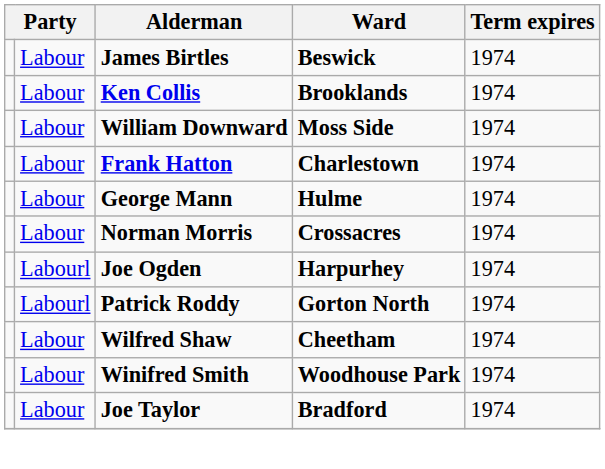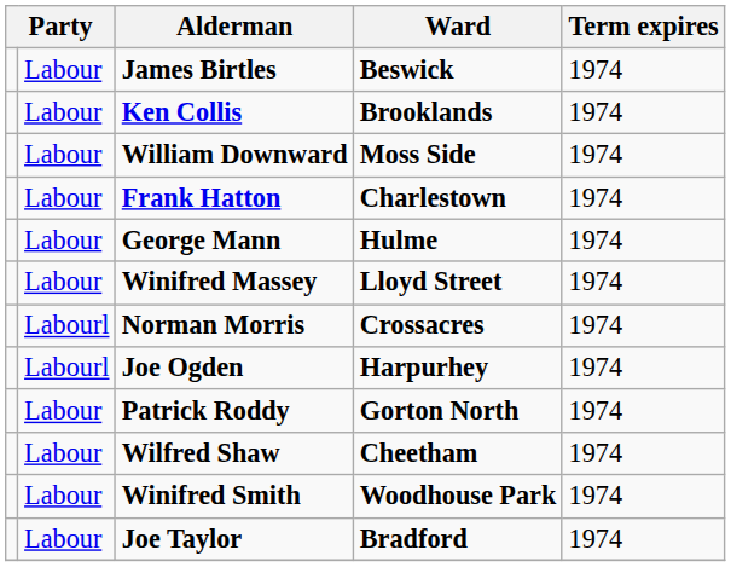 <table class="wikitable">
 <tr>
 <th colspan="2">Party</th>
 <th>Alderman</th>
 <th>Ward</th>
 <th>Term expires</th>
 </tr>
 <tr>
 <td style="background-color:"></td>
 <td><a href='#'>Labour</a></td>
 <td><strong>James Birtles</strong></td>
 <td><strong>Beswick</strong></td>
 <td>1974</td>
 </tr>
 <tr>
 <td style="background-color:"></td>
 <td><a href='#'>Labour</a></td>
 <td><strong><a href='#'>Ken Collis</a></strong></td>
 <td><strong>Brooklands</strong></td>
 <td>1974</td>
 </tr>
 <tr>
 <td style="background-color:"></td>
 <td><a href='#'>Labour</a></td>
 <td><strong>William Downward</strong></td>
 <td><strong>Moss Side</strong></td>
 <td>1974</td>
 </tr>
 <tr>
 <td style="background-color:"></td>
 <td><a href='#'>Labour</a></td>
 <td><strong><a href='#'>Frank Hatton</a></strong></td>
 <td><strong>Charlestown</strong></td>
 <td>1974</td>
 </tr>
 <tr>
 <td style="background-color:"></td>
 <td><a href='#'>Labour</a></td>
 <td><strong>George Mann</strong></td>
 <td><strong>Hulme</strong></td>
 <td>1974</td>
 </tr>
 <tr>
 <td style="background-color:"></td>
 <td><a href='#'>Labour</a></td>
+<td><strong>Winifred Massey</strong></td>
+<td><strong>Lloyd Street</strong></td>
+<td>1974</td>
+</tr>
+<tr>
+<td style="background-color:"></td>
+<td><a href='#'>Labourl</a></td>
 <td><strong>Norman Morris</strong></td>
 <td><strong>Crossacres</strong></td>
 <td>1974</td>
 </tr>
 <tr>
 <td style="background-color:"></td>
 <td><a href='#'>Labourl</a></td>
 <td><strong>Joe Ogden</strong></td>
 <td><strong>Harpurhey</strong></td>
 <td>1974</td>
 </tr>
 <tr>
 <td style="background-color:"></td>
-<td><a href='#'>Labourl</a></td>
+<td><a href='#'>Labour</a></td>
 <td><strong>Patrick Roddy</strong></td>
 <td><strong>Gorton North</strong></td>
 <td>1974</td>
 </tr>
 <tr>
 <td style="background-color:"></td>
 <td><a href='#'>Labour</a></td>
 <td><strong>Wilfred Shaw</strong></td>
 <td><strong>Cheetham</strong></td>
 <td>1974</td>
 </tr>
 <tr>
 <td style="background-color:"></td>
 <td><a href='#'>Labour</a></td>
 <td><strong>Winifred Smith</strong></td>
 <td><strong>Woodhouse Park</strong></td>
 <td>1974</td>
 </tr>
 <tr>
 <td style="background-color:"></td>
 <td><a href='#'>Labour</a></td>
 <td><strong>Joe Taylor</strong></td>
 <td><strong>Bradford</strong></td>
 <td>1974</td>
 </tr>
 <tr>
 </tr>
 </table>
